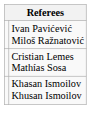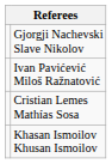 <table class="wikitable" style="display:inline-table;">
 <tr>
 <th colspan=2>Referees</th>
+</tr>
+<tr>
+<td></td>
+<td>Gjorgji Nachevski<br>Slave Nikolov</td>
 </tr>
 <tr>
 <td></td>
 <td>Ivan Pavićević<br>Miloš Ražnatović</td>
 </tr>
 <tr>
 <td></td>
 <td>Cristian Lemes<br>Mathías Sosa</td>
 </tr>
 <tr>
 <td></td>
 <td>Khasan Ismoilov<br>Khusan Ismoilov</td>
 </tr>
 </table>
